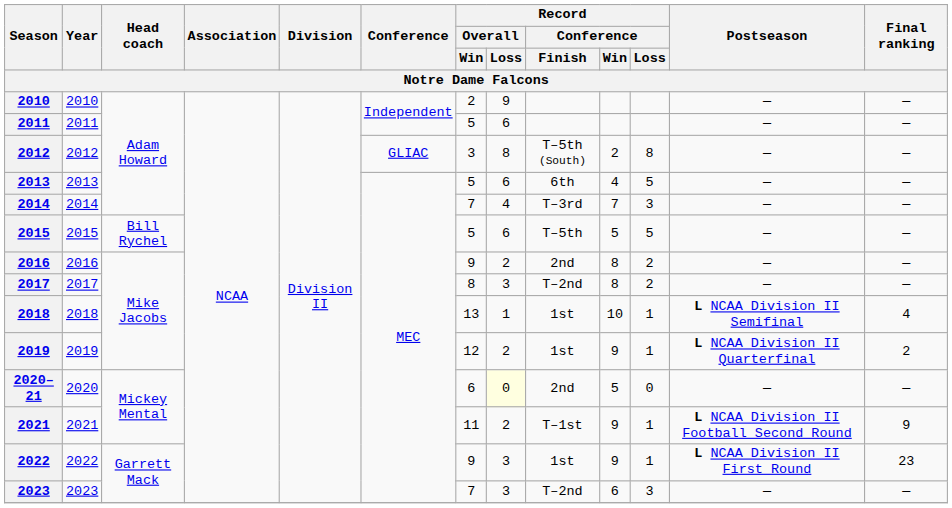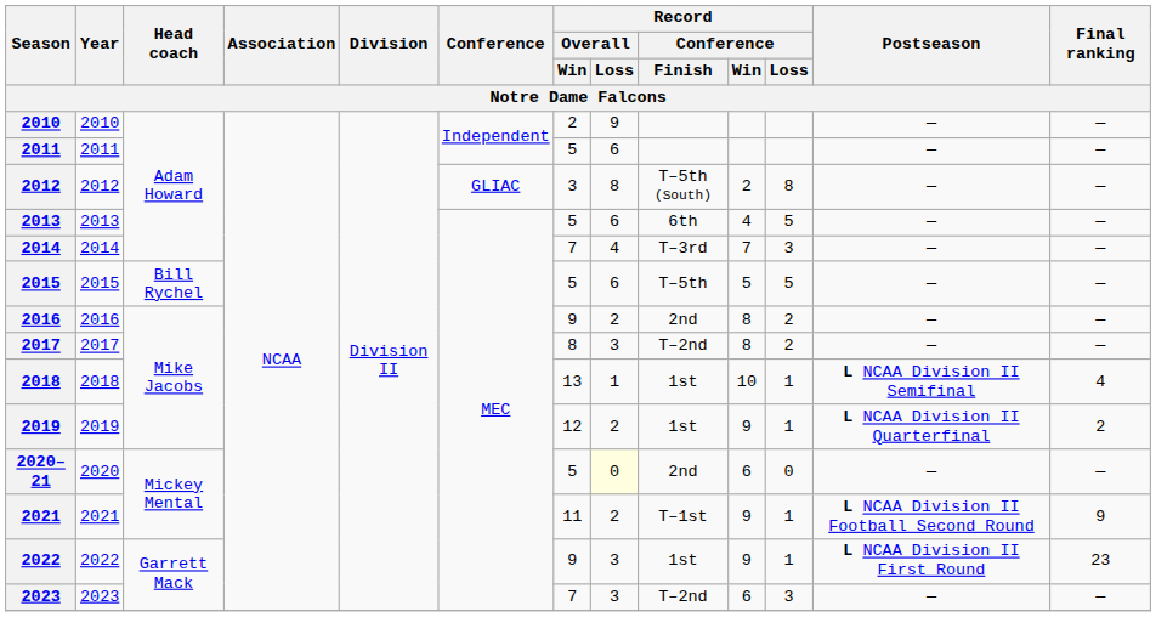 <table class="wikitable" style="font-size: 95%; width:98%;text-align:center;">
 <tr>
 <th rowspan="3">Season</th>
 <th rowspan="3">Year</th>
 <th rowspan="3">Head coach</th>
 <th rowspan="3">Association</th>
 <th rowspan="3">Division</th>
 <th rowspan="3">Conference</th>
 <th colspan="5">Record</th>
 <th rowspan="3">Postseason</th>
 <th rowspan="3">Final ranking</th>
 </tr>
 <tr>
 <th colspan="2">Overall</th>
 <th colspan="3">Conference</th>
 </tr>
 <tr>
 <th>Win</th>
 <th>Loss</th>
 <th>Finish</th>
 <th>Win</th>
 <th>Loss</th>
 </tr>
 <tr>
 <th colspan="15">Notre Dame Falcons</th>
 </tr>
 <tr>
 <th><a href='#'>2010</a></th>
 <td><a href='#'>2010</a></td>
 <td rowspan="5"><a href='#'>Adam Howard</a></td>
 <td rowspan="14"><a href='#'>NCAA</a></td>
 <td rowspan="14"><a href='#'>Division II</a></td>
 <td rowspan="2"><a href='#'>Independent</a></td>
 <td>2</td>
 <td>9</td>
 <td></td>
 <td></td>
 <td></td>
 <td>—</td>
 <td>—</td>
 </tr>
 <tr>
 <th><a href='#'>2011</a></th>
 <td><a href='#'>2011</a></td>
 <td>5</td>
 <td>6</td>
 <td></td>
 <td></td>
 <td></td>
 <td>—</td>
 <td>—</td>
 </tr>
 <tr>
 <th><a href='#'>2012</a></th>
 <td><a href='#'>2012</a></td>
 <td><a href='#'>GLIAC</a></td>
 <td>3</td>
 <td>8</td>
 <td>T–5th <small>(South)</small></td>
 <td>2</td>
 <td>8</td>
 <td>—</td>
 <td>—</td>
 </tr>
 <tr>
 <th><a href='#'>2013</a></th>
 <td><a href='#'>2013</a></td>
 <td rowspan="11"><a href='#'>MEC</a></td>
 <td>5</td>
 <td>6</td>
 <td>6th</td>
 <td>4</td>
 <td>5</td>
 <td>—</td>
 <td>—</td>
 </tr>
 <tr>
 <th><a href='#'>2014</a></th>
 <td><a href='#'>2014</a></td>
 <td>7</td>
 <td>4</td>
 <td>T–3rd</td>
 <td>7</td>
 <td>3</td>
 <td>—</td>
 <td>—</td>
 </tr>
 <tr>
 <th><a href='#'>2015</a></th>
 <td><a href='#'>2015</a></td>
 <td><a href='#'>Bill Rychel</a></td>
 <td>5</td>
 <td>6</td>
 <td>T–5th</td>
 <td>5</td>
 <td>5</td>
 <td>—</td>
 <td>—</td>
 </tr>
 <tr>
 <th><a href='#'>2016</a></th>
 <td><a href='#'>2016</a></td>
 <td rowspan="4"><a href='#'>Mike Jacobs</a></td>
 <td>9</td>
 <td>2</td>
 <td>2nd</td>
 <td>8</td>
 <td>2</td>
 <td>—</td>
 <td>—</td>
 </tr>
 <tr>
 <th><a href='#'>2017</a></th>
 <td><a href='#'>2017</a></td>
 <td>8</td>
 <td>3</td>
 <td>T–2nd</td>
 <td>8</td>
 <td>2</td>
 <td>—</td>
 <td>—</td>
 </tr>
 <tr>
 <th><a href='#'>2018</a></th>
 <td><a href='#'>2018</a></td>
 <td>13</td>
 <td>1</td>
 <td>1st</td>
 <td>10</td>
 <td>1</td>
 <td><strong>L</strong> <a href='#'>NCAA Division II Semifinal</a></td>
 <td>4</td>
 </tr>
 <tr>
 <th><a href='#'>2019</a></th>
 <td><a href='#'>2019</a></td>
 <td>12</td>
 <td>2</td>
 <td>1st</td>
 <td>9</td>
 <td>1</td>
 <td><strong>L</strong> <a href='#'>NCAA Division II Quarterfinal</a></td>
 <td>2</td>
 </tr>
 <tr>
 <th><a href='#'>2020–21</a></th>
 <td><a href='#'>2020</a></td>
 <td rowspan="2"><a href='#'>Mickey Mental</a></td>
-<td>6</td>
+<td>5</td>
 <td style="background: lightyellow;">0</td>
 <td>2nd</td>
-<td>5</td>
+<td>6</td>
 <td>0</td>
 <td>—</td>
 <td>—</td>
 </tr>
 <tr>
 <th><a href='#'>2021</a></th>
 <td><a href='#'>2021</a></td>
 <td>11</td>
 <td>2</td>
 <td>T–1st</td>
 <td>9</td>
 <td>1</td>
 <td><strong>L</strong> <a href='#'>NCAA Division II Football Second Round</a></td>
 <td>9</td>
 </tr>
 <tr>
 <th><a href='#'>2022</a></th>
 <td><a href='#'>2022</a></td>
 <td rowspan="2"><a href='#'>Garrett Mack</a></td>
 <td>9</td>
 <td>3</td>
 <td>1st</td>
 <td>9</td>
 <td>1</td>
 <td><strong>L</strong> <a href='#'>NCAA Division II First Round</a></td>
 <td>23</td>
 </tr>
 <tr>
 <th><a href='#'>2023</a></th>
 <td><a href='#'>2023</a></td>
 <td>7</td>
 <td>3</td>
 <td>T–2nd</td>
 <td>6</td>
 <td>3</td>
 <td>—</td>
 <td>—</td>
 </tr>
 <tr>
 </tr>
 </table>
